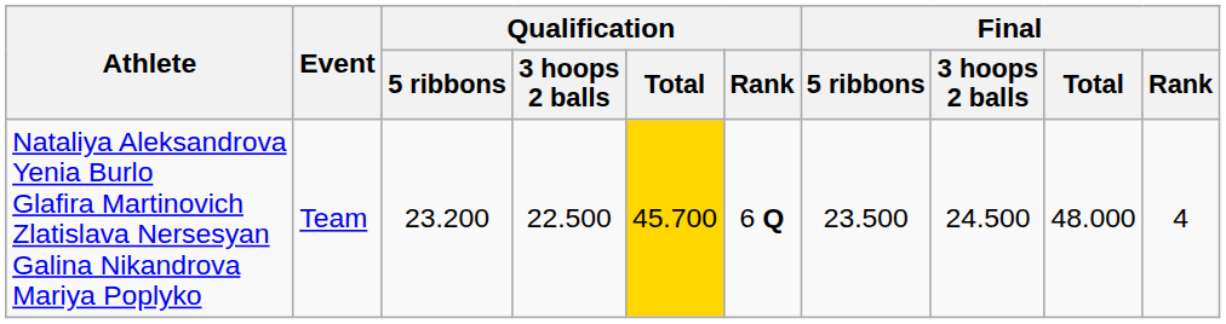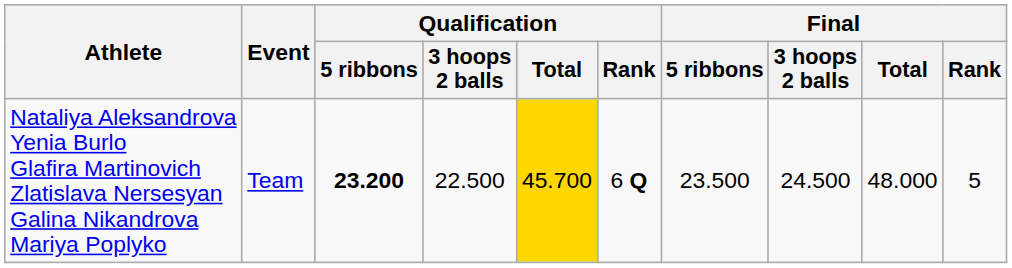 <table class="wikitable" style="font-size:90%">
 <tr>
 <th rowspan="2">Athlete</th>
 <th rowspan="2">Event</th>
 <th colspan="4">Qualification</th>
 <th colspan="4">Final</th>
 </tr>
 <tr style="font-size:95%">
 <th>5 ribbons</th>
 <th>3 hoops <br>2 balls</th>
 <th>Total</th>
 <th>Rank</th>
 <th>5 ribbons</th>
 <th>3 hoops <br>2 balls</th>
 <th>Total</th>
 <th>Rank</th>
 </tr>
 <tr align=center>
 <td align=left><a href='#'>Nataliya Aleksandrova</a><br><a href='#'>Yenia Burlo</a><br><a href='#'>Glafira Martinovich</a><br><a href='#'>Zlatislava Nersesyan</a><br><a href='#'>Galina Nikandrova</a><br><a href='#'>Mariya Poplyko</a></td>
 <td align=left><a href='#'>Team</a></td>
-<td>23.200</td>
+<td><strong>23.200</strong></td>
 <td>22.500</td>
 <td style="background: gold;">45.700</td>
 <td>6 <strong>Q</strong></td>
 <td>23.500</td>
 <td>24.500</td>
 <td>48.000</td>
-<td>4</td>
+<td>5</td>
 </tr>
 </table>
